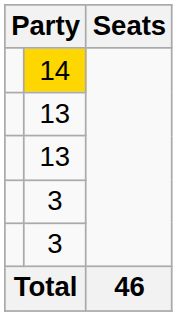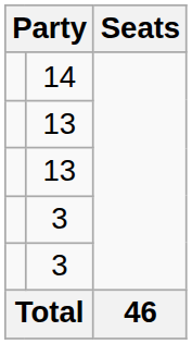 <table class="wikitable">
 <tr>
 <th colspan=2>Party</th>
 <th>Seats</th>
 </tr>
 <tr>
 <td></td>
-<td align=center style="background: gold;">14</td>
+<td align=center>14</td>
 </tr>
 <tr>
 <td></td>
 <td align=center>13</td>
 </tr>
 <tr>
 <td></td>
 <td align=center>13</td>
 </tr>
 <tr>
 <td></td>
 <td align=center>3</td>
 </tr>
 <tr>
 <td></td>
 <td align=center>3</td>
 </tr>
 <tr>
 <th colspan=2>Total</th>
 <th>46</th>
 </tr>
 </table>
